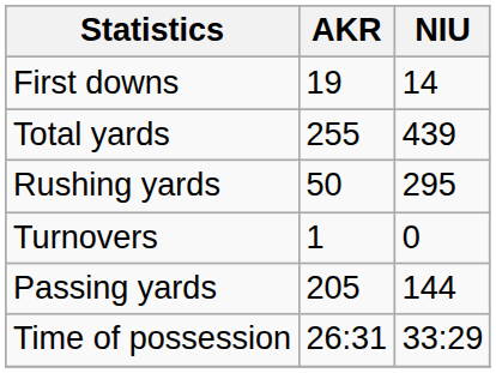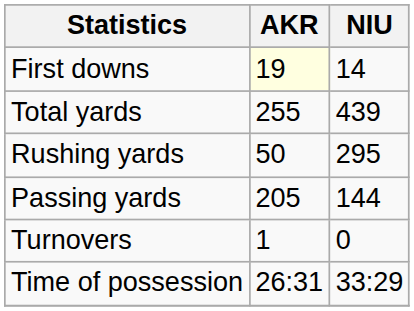 <table class="wikitable" style="float: left;">
 <tr>
 <th>Statistics</th>
 <th>AKR</th>
 <th>NIU</th>
 </tr>
 <tr>
 <td>First downs</td>
-<td>19</td>
+<td style="background: lightyellow;">19</td>
 <td>14</td>
 </tr>
 <tr>
 <td>Total yards</td>
 <td>255</td>
 <td>439</td>
 </tr>
 <tr>
 <td>Rushing yards</td>
 <td>50</td>
 <td>295</td>
 </tr>
 <tr>
+<td>Passing yards</td>
+<td>205</td>
+<td>144</td>
+</tr>
+<tr>
 <td>Turnovers</td>
 <td>1</td>
 <td>0</td>
-</tr>
-<tr>
-<td>Passing yards</td>
-<td>205</td>
-<td>144</td>
 </tr>
 <tr>
 <td>Time of possession</td>
 <td>26:31</td>
 <td>33:29</td>
 </tr>
 <tr>
 </tr>
 </table>
